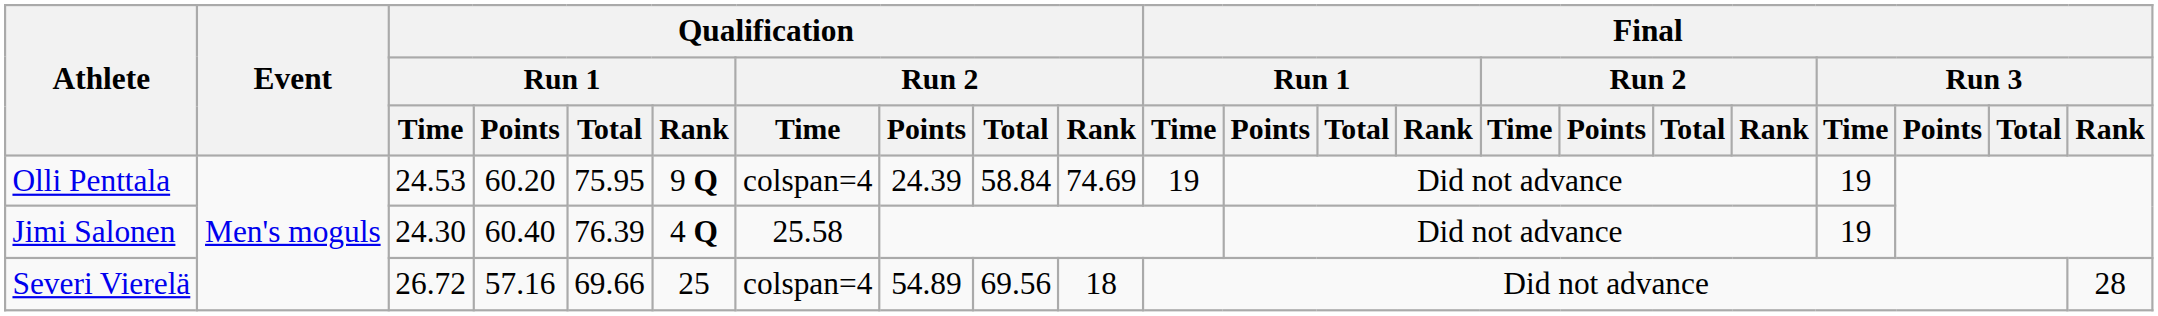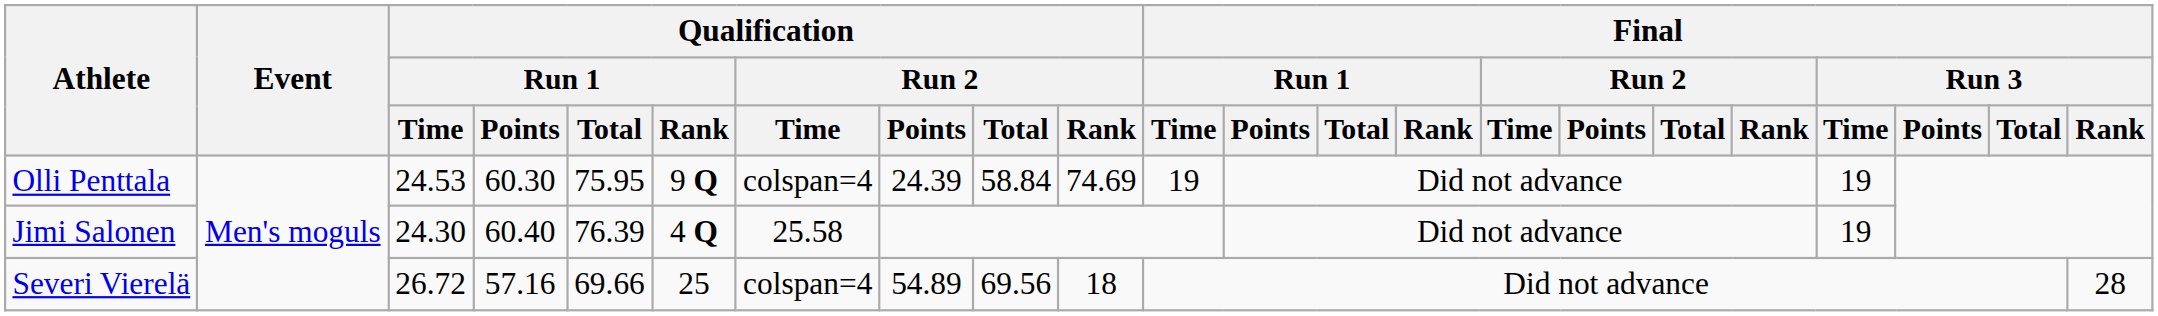 <table class="wikitable" style="font-size:90%">
 <tr>
 <th rowspan=3>Athlete</th>
 <th rowspan=3>Event</th>
 <th colspan=8>Qualification</th>
 <th colspan=12>Final</th>
 </tr>
 <tr style="font-size:95%">
 <th colspan=4>Run 1</th>
 <th colspan=4>Run 2</th>
 <th colspan=4>Run 1</th>
 <th colspan=4>Run 2</th>
 <th colspan=4>Run 3</th>
 </tr>
 <tr style="font-size:95%">
 <th>Time</th>
 <th>Points</th>
 <th>Total</th>
 <th>Rank</th>
 <th>Time</th>
 <th>Points</th>
 <th>Total</th>
 <th>Rank</th>
 <th>Time</th>
 <th>Points</th>
 <th>Total</th>
 <th>Rank</th>
 <th>Time</th>
 <th>Points</th>
 <th>Total</th>
 <th>Rank</th>
 <th>Time</th>
 <th>Points</th>
 <th>Total</th>
 <th>Rank</th>
 </tr>
 <tr align=center>
 <td align=left><a href='#'>Olli Penttala</a></td>
 <td align="left" rowspan=3><a href='#'>Men's moguls</a></td>
 <td>24.53</td>
-<td>60.20</td>
+<td>60.30</td>
 <td>75.95</td>
 <td>9 <strong>Q</strong></td>
 <td>colspan=4 </td>
 <td>24.39</td>
 <td>58.84</td>
 <td>74.69</td>
 <td>19</td>
 <td colspan=7>Did not advance</td>
 <td>19</td>
 </tr>
 <tr align=center>
 <td align=left><a href='#'>Jimi Salonen</a></td>
 <td>24.30</td>
 <td>60.40</td>
 <td>76.39</td>
 <td>4 <strong>Q</strong></td>
 <td>25.58</td>
 <td colspan=4></td>
 <td colspan=7>Did not advance</td>
 <td>19</td>
 </tr>
 <tr align=center>
 <td align=left><a href='#'>Severi Vierelä</a></td>
 <td>26.72</td>
 <td>57.16</td>
 <td>69.66</td>
 <td>25</td>
 <td>colspan=4 </td>
 <td>54.89</td>
 <td>69.56</td>
 <td>18</td>
 <td colspan=11>Did not advance</td>
 <td>28</td>
 </tr>
 </table>
